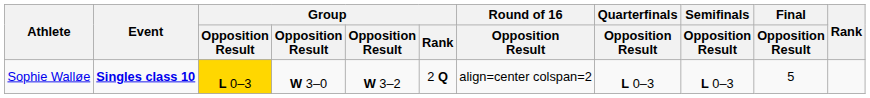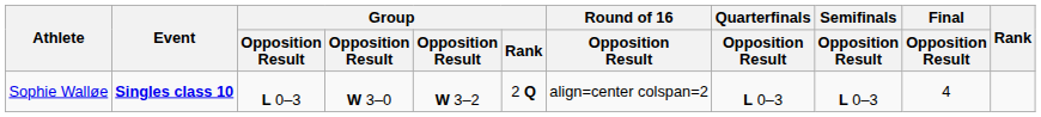 <table class="wikitable" style="font-size:90%">
 <tr>
 <th rowspan="2">Athlete</th>
 <th rowspan="2">Event</th>
 <th colspan="4">Group</th>
 <th>Round of 16</th>
 <th>Quarterfinals</th>
 <th>Semifinals</th>
 <th>Final</th>
 <th rowspan="2">Rank</th>
 </tr>
 <tr>
 <th>Opposition<br>Result</th>
 <th>Opposition<br>Result</th>
 <th>Opposition<br>Result</th>
 <th>Rank</th>
 <th>Opposition<br>Result</th>
 <th>Opposition<br>Result</th>
 <th>Opposition<br>Result</th>
 <th>Opposition<br>Result</th>
 </tr>
 <tr>
 <td><a href='#'>Sophie Walløe</a></td>
 <td><strong><a href='#'>Singles class 10</a></strong></td>
-<td align=center style="background: gold;"><br><strong>L</strong> 0–3</td>
+<td align=center><br><strong>L</strong> 0–3</td>
 <td align=center><br><strong>W</strong> 3–0</td>
 <td align=center><br><strong>W</strong> 3–2</td>
 <td align=center>2 <strong>Q</strong></td>
 <td>align=center colspan=2 </td>
 <td align=center><br><strong>L</strong> 0–3</td>
 <td align=center><br><strong>L</strong> 0–3</td>
-<td align=center>5</td>
+<td align=center>4</td>
 </tr>
 </table>
